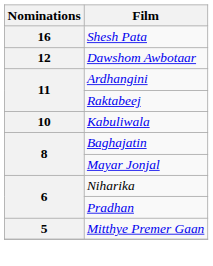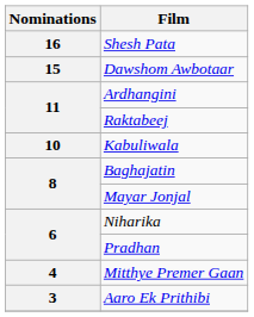 <table class="wikitable" style="display:inline-table;">
 <tr>
 <th>Nominations</th>
 <th>Film</th>
 </tr>
 <tr>
 <th>16</th>
 <td><em><a href='#'>Shesh Pata</a></em></td>
 </tr>
 <tr>
-<th>12</th>
+<th>15</th>
 <td><em><a href='#'>Dawshom Awbotaar</a></em></td>
 </tr>
 <tr>
 <th rowspan="2">11</th>
 <td><em><a href='#'>Ardhangini</a></em></td>
 </tr>
 <tr>
 <td><em><a href='#'>Raktabeej</a></em></td>
 </tr>
 <tr>
 <th>10</th>
 <td><em><a href='#'>Kabuliwala</a></em></td>
 </tr>
 <tr>
 <th rowspan="2">8</th>
 <td><em><a href='#'>Baghajatin</a></em></td>
 </tr>
 <tr>
 <td><em><a href='#'>Mayar Jonjal</a></em></td>
 </tr>
 <tr>
 <th rowspan="2">6</th>
 <td><em>Niharika</em></td>
 </tr>
 <tr>
 <td><em><a href='#'>Pradhan</a></em></td>
 </tr>
 <tr>
-<th>5</th>
+<th>4</th>
 <td><em><a href='#'>Mitthye Premer Gaan</a></em></td>
+</tr>
+<tr>
+<th>3</th>
+<td><em><a href='#'>Aaro Ek Prithibi</a></em></td>
 </tr>
 <tr>
 </tr>
 </table>
